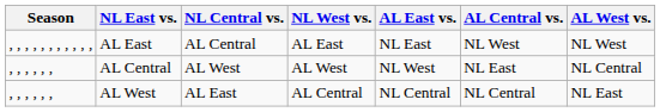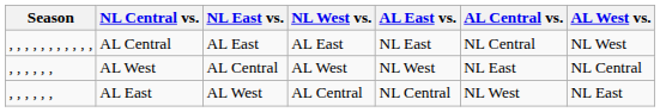 <table class="wikitable">
 <tr>
 <th>Season</th>
+<th><a href='#'>NL Central</a> vs.</th>
 <th><a href='#'>NL East</a> vs.</th>
-<th><a href='#'>NL Central</a> vs.</th>
 <th><a href='#'>NL West</a> vs.</th>
 <th><a href='#'>AL East</a> vs.</th>
 <th><a href='#'>AL Central</a> vs.</th>
 <th><a href='#'>AL West</a> vs.</th>
 </tr>
 <tr>
 <td>, , , , , , , , , , , </td>
-<td>AL East</td>
 <td>AL Central</td>
 <td>AL East</td>
+<td>AL East</td>
 <td>NL East</td>
-<td>NL West</td>
+<td>NL Central</td>
 <td>NL West</td>
 </tr>
 <tr>
 <td>, , , , , , </td>
+<td>AL West</td>
 <td>AL Central</td>
-<td>AL West</td>
 <td>AL West</td>
 <td>NL West</td>
 <td>NL East</td>
 <td>NL Central</td>
 </tr>
 <tr>
 <td>, , , , , , </td>
+<td>AL East</td>
 <td>AL West</td>
-<td>AL East</td>
 <td>AL Central</td>
 <td>NL Central</td>
-<td>NL Central</td>
+<td>NL West</td>
 <td>NL East</td>
 </tr>
 </table>
